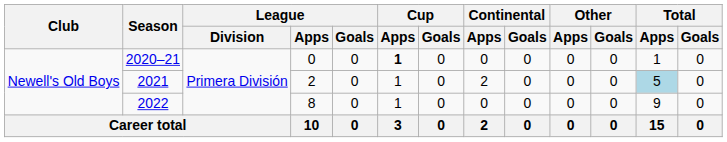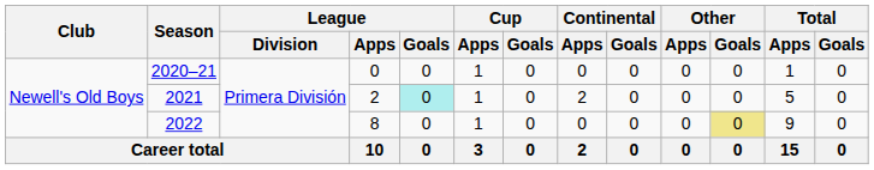 <table class="wikitable" style="text-align:center">
 <tr>
 <th rowspan="2">Club</th>
 <th rowspan="2">Season</th>
 <th colspan="3">League</th>
 <th colspan="2">Cup</th>
 <th colspan="2">Continental</th>
 <th colspan="2">Other</th>
 <th colspan="2">Total</th>
 </tr>
 <tr>
 <th>Division</th>
 <th>Apps</th>
 <th>Goals</th>
 <th>Apps</th>
 <th>Goals</th>
 <th>Apps</th>
 <th>Goals</th>
 <th>Apps</th>
 <th>Goals</th>
 <th>Apps</th>
 <th>Goals</th>
 </tr>
 <tr>
 <td rowspan="3"><a href='#'>Newell's Old Boys</a></td>
 <td><a href='#'>2020–21</a></td>
 <td rowspan="3"><a href='#'>Primera División</a></td>
 <td>0</td>
 <td>0</td>
-<td><strong>1</strong></td>
+<td>1</td>
 <td>0</td>
 <td>0</td>
 <td>0</td>
 <td>0</td>
 <td>0</td>
 <td>1</td>
 <td>0</td>
 </tr>
 <tr>
 <td><a href='#'>2021</a></td>
 <td>2</td>
-<td>0</td>
+<td style="background: paleturquoise;">0</td>
 <td>1</td>
 <td>0</td>
 <td>2</td>
 <td>0</td>
 <td>0</td>
 <td>0</td>
-<td style="background: lightblue;">5</td>
+<td>5</td>
 <td>0</td>
 </tr>
 <tr>
 <td><a href='#'>2022</a></td>
 <td>8</td>
 <td>0</td>
 <td>1</td>
 <td>0</td>
 <td>0</td>
 <td>0</td>
 <td>0</td>
-<td>0</td>
+<td style="background: khaki;">0</td>
 <td>9</td>
 <td>0</td>
 </tr>
 <tr>
 <th colspan="3">Career total</th>
 <th>10</th>
 <th>0</th>
 <th>3</th>
 <th>0</th>
 <th>2</th>
 <th>0</th>
 <th>0</th>
 <th>0</th>
 <th>15</th>
 <th>0</th>
 </tr>
 </table>
